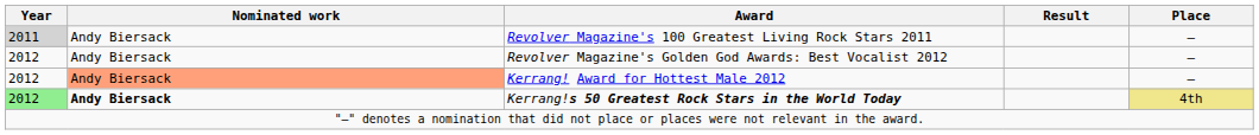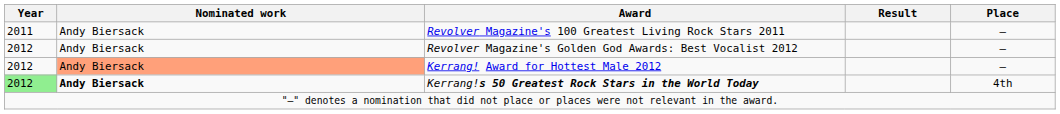 <table class="wikitable" style="width:80%;">
 <tr>
 <th style="width:5%;">Year</th>
 <th style="width:35%;">Nominated work</th>
 <th style="width:40%;">Award</th>
 <th style="width:10%;">Result</th>
 <th style="width:10%;">Place</th>
 </tr>
 <tr>
-<td style="background: lightgrey;">2011</td>
+<td>2011</td>
 <td>Andy Biersack</td>
 <td><a href='#'><em>Revolver</em> Magazine's</a> 100 Greatest Living Rock Stars 2011</td>
 <td></td>
 <td style="text-align:center;">—</td>
 </tr>
 <tr>
 <td>2012</td>
 <td>Andy Biersack</td>
 <td><em>Revolver</em> Magazine's Golden God Awards: Best Vocalist 2012</td>
 <td></td>
 <td style="text-align:center;">—</td>
 </tr>
 <tr>
 <td>2012</td>
 <td style="background: lightsalmon;">Andy Biersack</td>
 <td><em><a href='#'>Kerrang!</a></em> <a href='#'>Award for Hottest Male 2012</a></td>
 <td></td>
 <td style="text-align:center;">—</td>
 </tr>
 <tr>
 <td style="background: lightgreen;">2012</td>
 <td><strong>Andy Biersack</strong></td>
 <td><em>Kerrang!<strong>s 50 Greatest Rock Stars in the World Today</td>
 <td></td>
-<td style="background: khaki; text-align:center;">4th</td>
+<td style="text-align:center;">4th</td>
 </tr>
 <tr>
 <td colspan="14"  style="font-size:90%; text-align:center;">"—" denotes a nomination that did not place or places were not relevant in the award.</td>
 </tr>
 </table>
